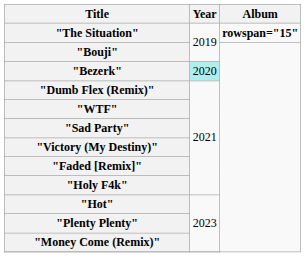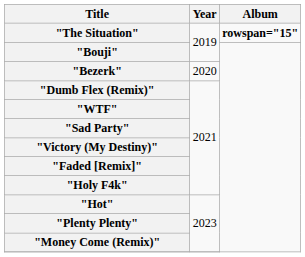 <table class="wikitable plainrowheaders" style="text-align:center;">
 <tr>
 <th scope="col" style="width:15em;">Title</th>
 <th scope="col">Year</th>
 <th scope="col">Album</th>
 </tr>
 <tr>
 <th scope="row">"The Situation" <br></th>
 <td rowspan="2">2019</td>
 <td><strong>rowspan="15" </strong></td>
 </tr>
 <tr>
 <th scope="row">"Bouji" <br></th>
 </tr>
 <tr>
 <th scope="row">"Bezerk" <br></th>
-<td style="background: paleturquoise;">2020</td>
+<td>2020</td>
 </tr>
 <tr>
 <th scope="row">"Dumb Flex (Remix)" <br></th>
 <td rowspan="6">2021</td>
 </tr>
 <tr>
 <th scope="row">"WTF" <br></th>
 </tr>
 <tr>
 <th scope="row">"Sad Party" <br></th>
 </tr>
 <tr>
 <th scope="row">"Victory (My Destiny)" <br></th>
 </tr>
 <tr>
 <th scope="row">"Faded [Remix]" <br></th>
 </tr>
 <tr>
 <th scope="row">"Holy F4k" <br></th>
 </tr>
 <tr>
 <th scope="row">"Hot" <br></th>
 <td rowspan="3">2023</td>
 </tr>
 <tr>
 <th scope="row">"Plenty Plenty" <br></th>
 </tr>
 <tr>
 <th scope="row">"Money Come (Remix)" <br></th>
 </tr>
 <tr>
 </tr>
 </table>
